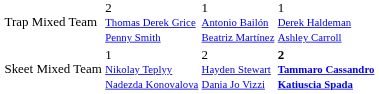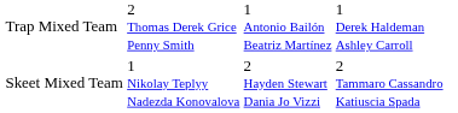 <table>
 <tr>
 <td>Trap Mixed Team</td>
 <td> 2<small><br><a href='#'>Thomas Derek Grice</a><br><a href='#'>Penny Smith</a></small></td>
 <td> 1<small><br><a href='#'>Antonio Bailón</a><br><a href='#'>Beatriz Martínez</a></small></td>
 <td> 1<small><br><a href='#'>Derek Haldeman</a><br><a href='#'>Ashley Carroll</a></small></td>
 </tr>
 <tr>
 <td>Skeet Mixed Team</td>
 <td> 1<small><br><a href='#'>Nikolay Teplyy</a><br><a href='#'>Nadezda Konovalova</a></small></td>
 <td> 2<small><br><a href='#'>Hayden Stewart</a><br><a href='#'>Dania Jo Vizzi</a></small></td>
-<td><strong> 2<small><br><a href='#'>Tammaro Cassandro</a><br><a href='#'>Katiuscia Spada</a></small></strong></td>
+<td> 2<small><br><a href='#'>Tammaro Cassandro</a><br><a href='#'>Katiuscia Spada</a></small></td>
 </tr>
 </table>
